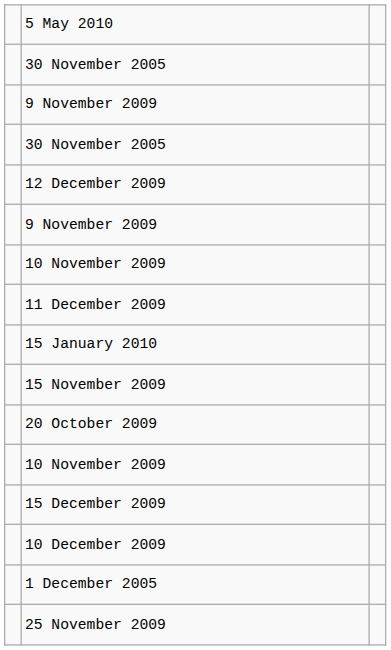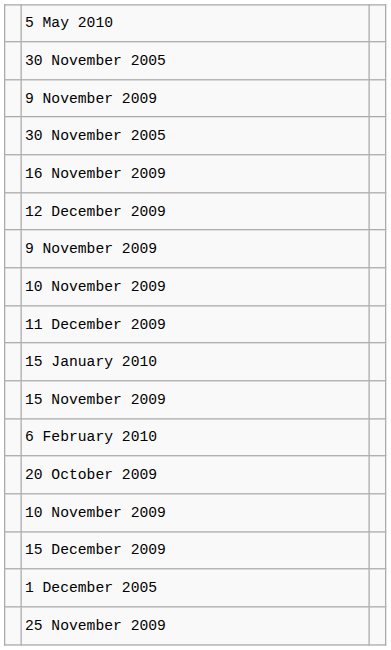 <table class="wikitable" style="font-size: 89%; float: left; width: 26em; margin-right: 1em; height: 505px;">
 <tr>
 <td></td>
 <td>5 May 2010</td>
 <td></td>
 </tr>
 <tr>
 <td></td>
 <td>30 November 2005</td>
 <td></td>
 </tr>
 <tr>
 <td></td>
 <td>9 November 2009</td>
 <td></td>
 </tr>
 <tr>
 <td></td>
 <td>30 November 2005</td>
+<td></td>
+</tr>
+<tr>
+<td></td>
+<td>16 November 2009</td>
 <td></td>
 </tr>
 <tr>
 <td></td>
 <td>12 December 2009</td>
 <td></td>
 </tr>
 <tr>
 <td></td>
 <td>9 November 2009</td>
 <td></td>
 </tr>
 <tr>
 <td></td>
 <td>10 November 2009</td>
 <td></td>
 </tr>
 <tr>
 <td></td>
 <td>11 December 2009</td>
 <td></td>
 </tr>
 <tr>
 <td></td>
 <td>15 January 2010</td>
 <td></td>
 </tr>
 <tr>
 <td></td>
 <td>15 November 2009</td>
 <td></td>
 </tr>
 <tr>
 <td></td>
+<td>6 February 2010</td>
+<td></td>
+</tr>
+<tr>
+<td></td>
 <td>20 October 2009</td>
 <td></td>
 </tr>
 <tr>
 <td></td>
 <td>10 November 2009</td>
 <td></td>
 </tr>
 <tr>
 <td></td>
 <td>15 December 2009</td>
 <td></td>
 </tr>
 <tr>
 <td></td>
-<td>10 December 2009</td>
-<td></td>
-</tr>
-<tr>
-<td></td>
 <td>1 December 2005</td>
 <td></td>
 </tr>
 <tr>
 <td></td>
 <td>25 November 2009</td>
 <td></td>
 </tr>
 </table>
